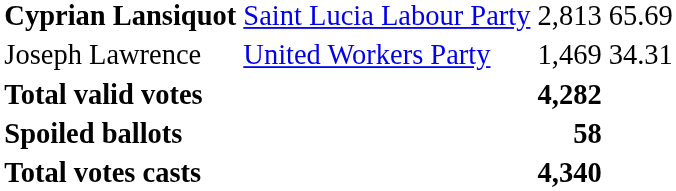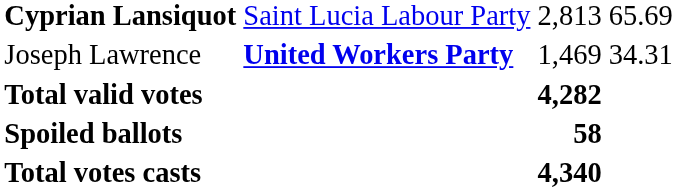 <table wikitable>
 <tr>
 <td align="left"><strong>Cyprian Lansiquot</strong></td>
 <td align="left"><a href='#'>Saint Lucia Labour Party</a></td>
 <td align="right">2,813</td>
 <td align="right">65.69</td>
 </tr>
 <tr>
 <td align="left">Joseph Lawrence</td>
-<td align="left"><a href='#'>United Workers Party</a></td>
+<td align="left"><strong><a href='#'>United Workers Party</a></strong></td>
 <td align="right">1,469</td>
 <td align="right">34.31</td>
 </tr>
 <tr>
 <th align="left">Total valid votes</th>
 <th align="left"></th>
 <th align="right">4,282</th>
 <th align="right"></th>
 </tr>
 <tr>
 <th align="left">Spoiled ballots</th>
 <th align="left"></th>
 <th align="right">58</th>
 <th align="right"></th>
 </tr>
 <tr>
 <th align="left">Total votes casts</th>
 <th align="left"></th>
 <th align="right">4,340</th>
 <th align="right"></th>
 </tr>
 </table>
